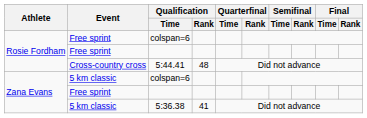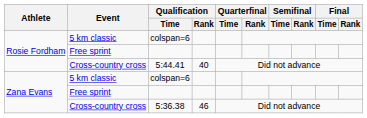 <table class="wikitable" style="font-size:90%">
 <tr>
 <th rowspan="2">Athlete</th>
 <th rowspan="2">Event</th>
 <th colspan="2">Qualification</th>
 <th colspan="2">Quarterfinal</th>
 <th colspan="2">Semifinal</th>
 <th colspan="2">Final</th>
 </tr>
 <tr style="font-size:95%">
 <th>Time</th>
 <th>Rank</th>
 <th>Time</th>
 <th>Rank</th>
 <th>Time</th>
 <th>Rank</th>
 <th>Time</th>
 <th>Rank</th>
 </tr>
 <tr align=center>
 <td align=left rowspan=3><a href='#'>Rosie Fordham</a></td>
-<td align=left><a href='#'>Free sprint</a></td>
+<td align=left><a href='#'>5 km classic</a></td>
 <td>colspan=6 </td>
 <td></td>
 <td></td>
 </tr>
 <tr align=center>
 <td align=left><a href='#'>Free sprint</a></td>
 <td></td>
 <td></td>
 <td></td>
 <td></td>
 <td></td>
 <td></td>
 <td></td>
 <td></td>
 </tr>
 <tr align=center>
 <td align=left><a href='#'>Cross-country cross</a></td>
 <td>5:44.41</td>
-<td>48</td>
+<td>40</td>
 <td colspan="6">Did not advance</td>
 </tr>
 <tr align=center>
 <td align=left rowspan=3><a href='#'>Zana Evans</a></td>
 <td align=left><a href='#'>5 km classic</a></td>
 <td>colspan=6 </td>
 <td></td>
 <td></td>
 </tr>
 <tr align=center>
 <td align=left><a href='#'>Free sprint</a></td>
 <td></td>
 <td></td>
 <td></td>
 <td></td>
 <td></td>
 <td></td>
 <td></td>
 <td></td>
 </tr>
 <tr align=center>
-<td align=left><a href='#'>5 km classic</a></td>
+<td align=left><a href='#'>Cross-country cross</a></td>
 <td>5:36.38</td>
-<td>41</td>
+<td>46</td>
 <td colspan="6">Did not advance</td>
 </tr>
 </table>
